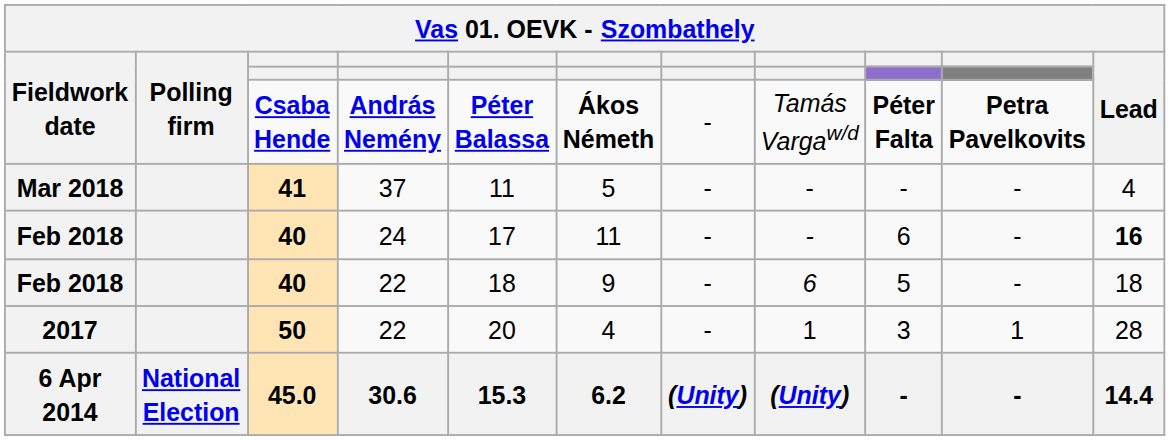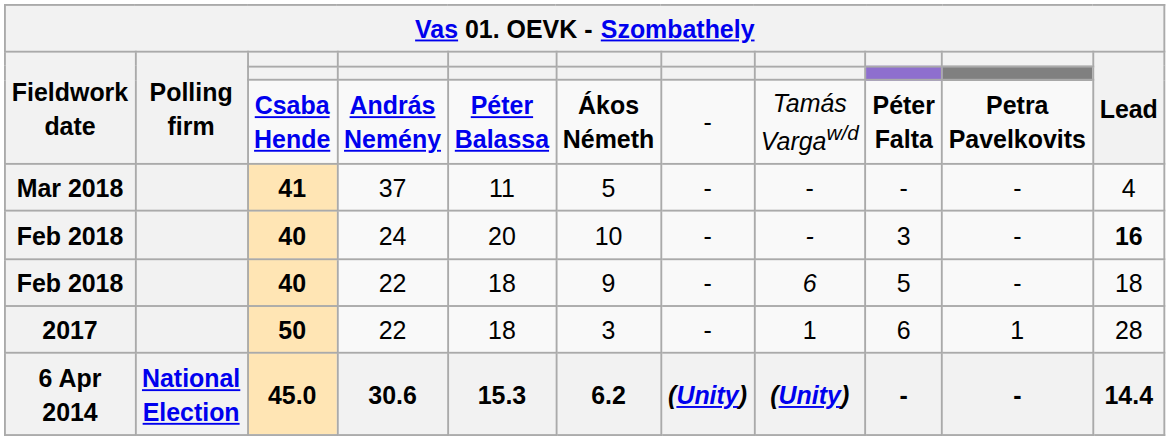 <table class="wikitable mw-collapsible mw-collapsed" style="text-align:center">
 <tr>
 <th colspan="11" style="width: 980pt;"><small><a href='#'>Vas</a>  01. OEVK -</small> <small><a href='#'>Szombathely</a></small></th>
 </tr>
 <tr>
 <th rowspan="3" style="width: 80pt;"><small>Fieldwork</small> <small>date</small></th>
 <th rowspan="3" style="width: 80pt;"><strong><small>Polling</small> <small>firm</small></strong></th>
 <th style="width: 100pt;"><small></small></th>
 <th style="width: 100pt;"><small> </small></th>
 <th style="width: 100pt;"></th>
 <th style="width: 100pt;"></th>
 <th style="width: 100pt;"></th>
 <th style="width: 100pt;"></th>
 <th style="width: 100pt;"></th>
 <th style="width: 100pt;"></th>
 <th rowspan="3" style="width: 20pt;"><small>Lead</small></th>
 </tr>
 <tr>
 <th style="color:inherit;background:"></th>
 <th style="color:inherit;background:"></th>
 <th style="color:inherit;background:"></th>
 <th style="color:inherit;background:"></th>
 <th style="color:inherit;background:"></th>
 <th style="color:inherit;background:"></th>
 <th style="color:inherit;background:#8E6FCE;"></th>
 <th style="color:inherit;background:#808080;"></th>
 </tr>
 <tr>
 <td><small><strong><a href='#'>Csaba Hende</a></strong></small></td>
 <td><small><strong><a href='#'>András Nemény</a></strong></small></td>
 <td><small><strong><a href='#'>Péter Balassa</a></strong></small></td>
 <td><small><strong>Ákos Németh</strong></small></td>
 <td><small>-</small></td>
 <td><small><em>Tamás Varga<sup>w/d</sup></em></small></td>
 <td><small><strong>Péter Falta</strong></small></td>
 <td><small><strong>Petra Pavelkovits</strong></small></td>
 </tr>
 <tr>
 <th><small>Mar 2018</small></th>
 <th><small></small></th>
 <td style="background:#FFE5B4"><small><strong>41</strong></small></td>
 <td><small>37</small></td>
 <td><small>11</small></td>
 <td><small>5</small></td>
 <td><small>-</small></td>
 <td><small>-</small></td>
 <td><small>-</small></td>
 <td><small>-</small></td>
 <td style="background:"><small>4</small></td>
 </tr>
 <tr>
 <th><small>Feb 2018</small></th>
 <th><small> </small></th>
 <td style="background:#FFE5B4"><small><strong>40</strong></small></td>
 <td><small>24</small></td>
-<td><small>17</small></td>
-<td><small>11</small></td>
+<td><small>20</small></td>
+<td><small>10</small></td>
 <td><small>-</small></td>
 <td><em><small>-</small></em></td>
-<td><small>6</small></td>
+<td><small>3</small></td>
 <td><small>-</small></td>
 <td style="background:"><strong><small>16</small></strong></td>
 </tr>
 <tr>
 <th><small>Feb 2018</small></th>
 <th><small> </small></th>
 <td style="background:#FFE5B4"><small><strong>40</strong></small></td>
 <td><small>22</small></td>
 <td><small>18</small></td>
 <td><small>9</small></td>
 <td><small>-</small></td>
 <td><small><em>6</em></small></td>
 <td><small>5</small></td>
 <td><small>-</small></td>
 <td style="background:"><small>18</small></td>
 </tr>
 <tr>
 <th><small>2017</small></th>
 <th><small></small></th>
 <td style="background:#FFE5B4"><small><strong>50</strong></small></td>
 <td><small>22</small></td>
-<td><small>20</small></td>
-<td><small>4</small></td>
+<td><small>18</small></td>
+<td><small>3</small></td>
 <td><small>-</small></td>
 <td><small>1</small></td>
-<td><small>3</small></td>
+<td><small>6</small></td>
 <td><small>1</small></td>
 <td style="background:"><small>28</small></td>
 </tr>
 <tr>
 <th><small>6 Apr 2014</small></th>
 <th><a href='#'><small>National Election</small></a></th>
 <th style="background:#FFE5B4"><small><strong>45.0</strong></small></th>
 <th><small>30.6</small></th>
 <th><small>15.3</small></th>
 <th><small>6.2</small></th>
 <th><small><em>(<a href='#'>Unity</a>)</em></small></th>
 <th><small><em>(<a href='#'>Unity</a>)</em></small></th>
 <th><small>-</small></th>
 <th><small>-</small></th>
 <th style="background:"><small>14.4</small></th>
 </tr>
 </table>
